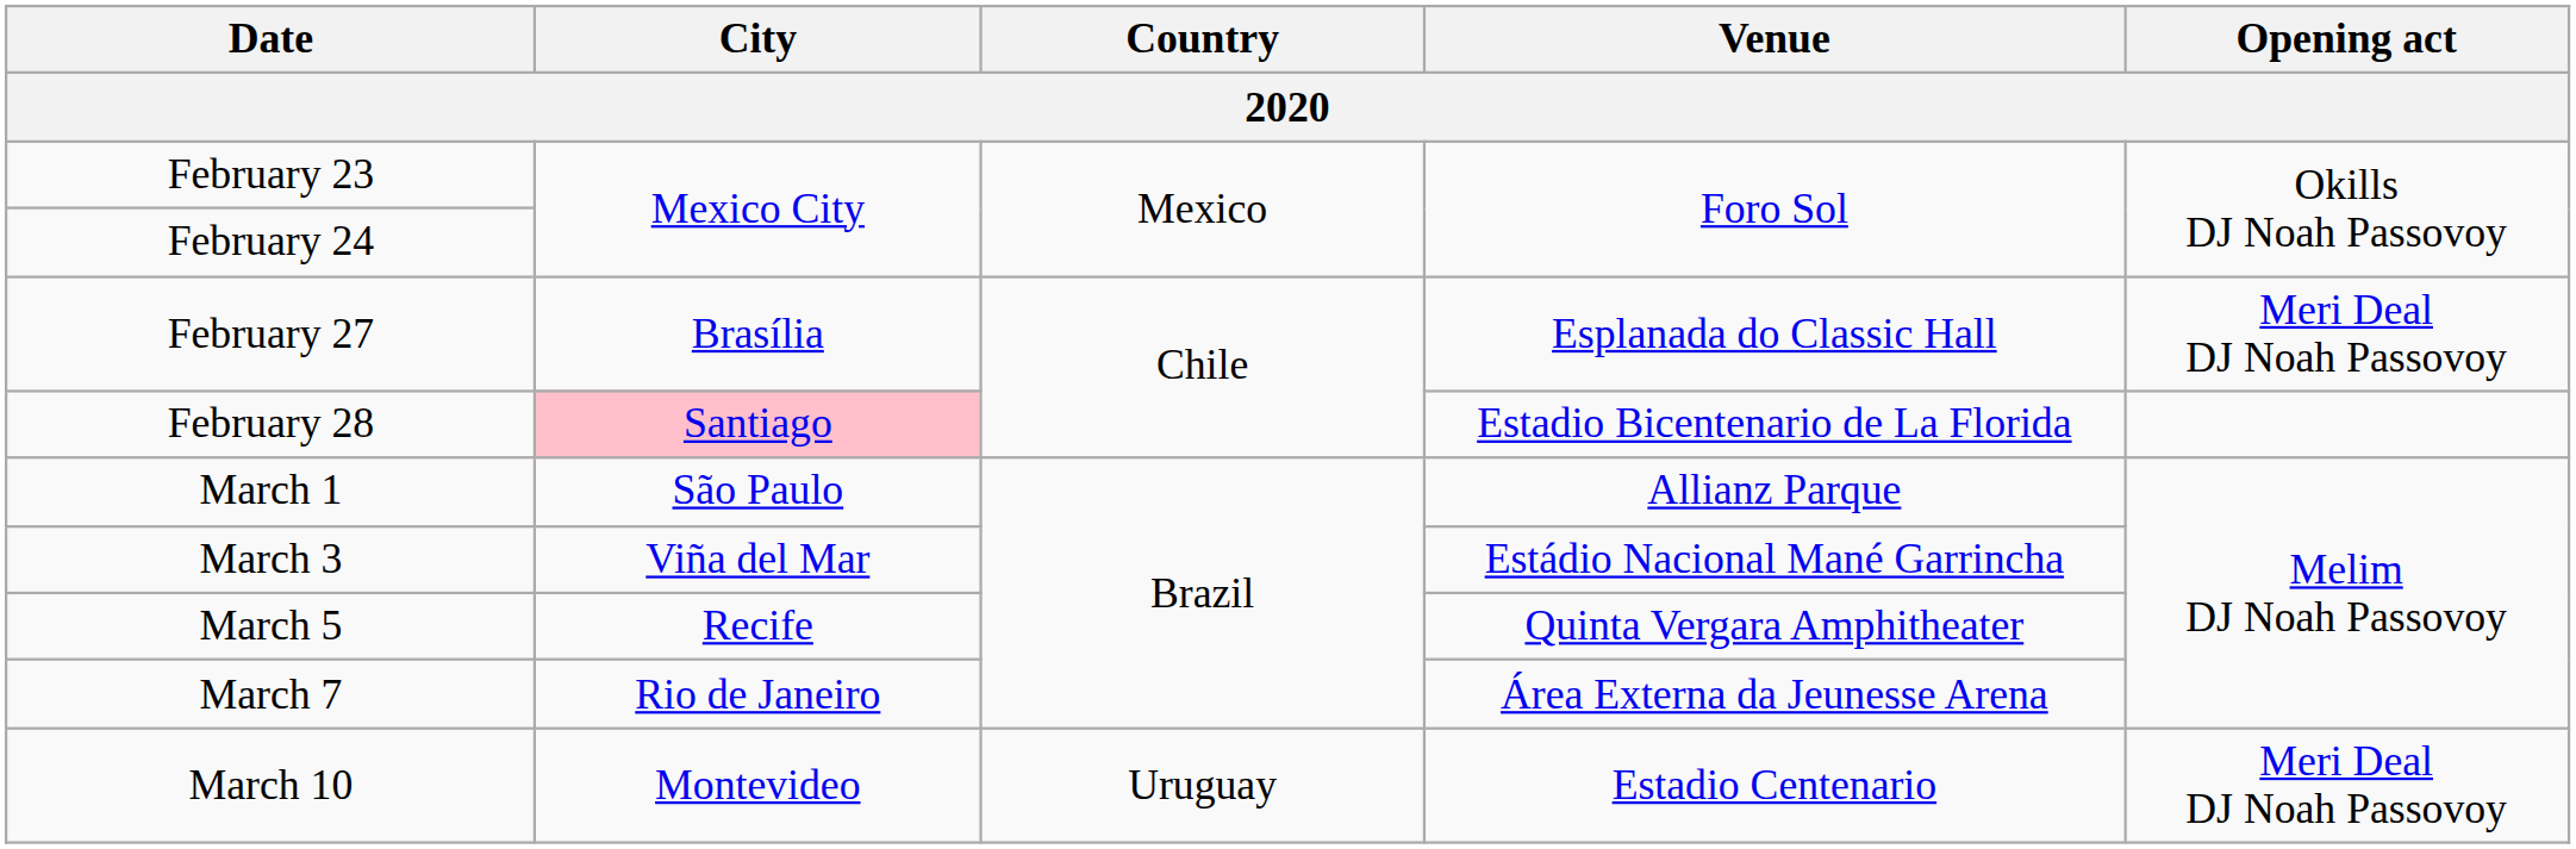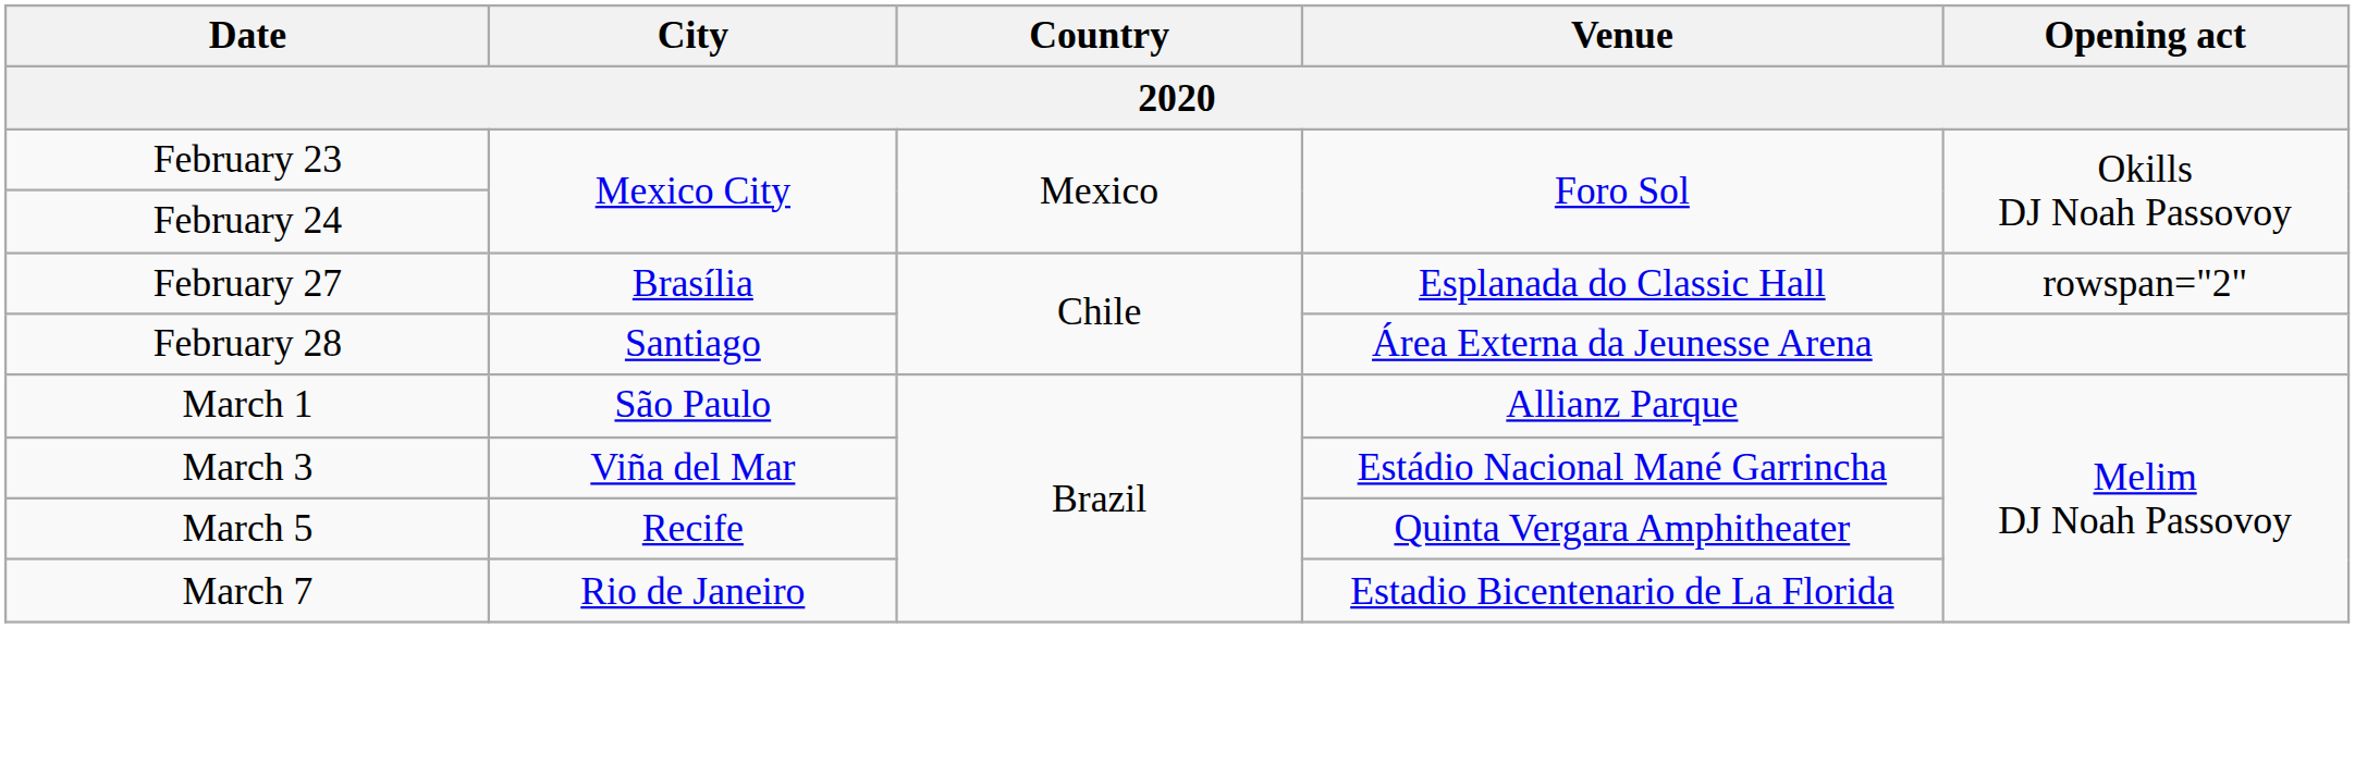 <table class="wikitable plainrowheaders" style="text-align:center;">
 <tr>
 <th scope="col" style="width:12em;">Date</th>
 <th scope="col" style="width:10em;">City</th>
 <th scope="col" style="width:10em;">Country</th>
 <th scope="col" style="width:16em;">Venue</th>
 <th scope="col" style="width:10em;">Opening act</th>
 </tr>
 <tr>
 <th colspan="5"><strong>2020</strong></th>
 </tr>
 <tr>
 <td>February 23</td>
 <td rowspan="2"><a href='#'>Mexico City</a></td>
 <td rowspan="2">Mexico</td>
 <td rowspan="2"><a href='#'>Foro Sol</a></td>
 <td rowspan="2">Okills<br>DJ Noah Passovoy</td>
 </tr>
 <tr>
 <td>February 24</td>
 </tr>
 <tr>
 <td>February 27</td>
 <td><a href='#'>Brasília</a></td>
 <td rowspan="2">Chile</td>
 <td><a href='#'>Esplanada do Classic Hall</a></td>
-<td><a href='#'>Meri Deal</a><br>DJ Noah Passovoy</td>
+<td>rowspan="2" </td>
 </tr>
 <tr>
 <td>February 28</td>
-<td style="background: pink;"><a href='#'>Santiago</a></td>
-<td><a href='#'>Estadio Bicentenario de La Florida</a></td>
+<td><a href='#'>Santiago</a></td>
+<td><a href='#'>Área Externa da Jeunesse Arena</a></td>
 </tr>
 <tr>
 <td>March 1</td>
 <td><a href='#'>São Paulo</a></td>
 <td rowspan="4">Brazil</td>
 <td><a href='#'>Allianz Parque</a></td>
 <td rowspan="4"><a href='#'>Melim</a><br>DJ Noah Passovoy</td>
 </tr>
 <tr>
 <td>March 3</td>
 <td><a href='#'>Viña del Mar</a></td>
 <td><a href='#'>Estádio Nacional Mané Garrincha</a></td>
 </tr>
 <tr>
 <td>March 5</td>
 <td><a href='#'>Recife</a></td>
 <td><a href='#'>Quinta Vergara Amphitheater</a></td>
 </tr>
 <tr>
 <td>March 7</td>
 <td><a href='#'>Rio de Janeiro</a></td>
-<td><a href='#'>Área Externa da Jeunesse Arena</a></td>
-</tr>
-<tr>
-<td>March 10</td>
-<td><a href='#'>Montevideo</a></td>
-<td>Uruguay</td>
-<td><a href='#'>Estadio Centenario</a></td>
-<td><a href='#'>Meri Deal</a><br>DJ Noah Passovoy</td>
+<td><a href='#'>Estadio Bicentenario de La Florida</a></td>
 </tr>
 </table>
